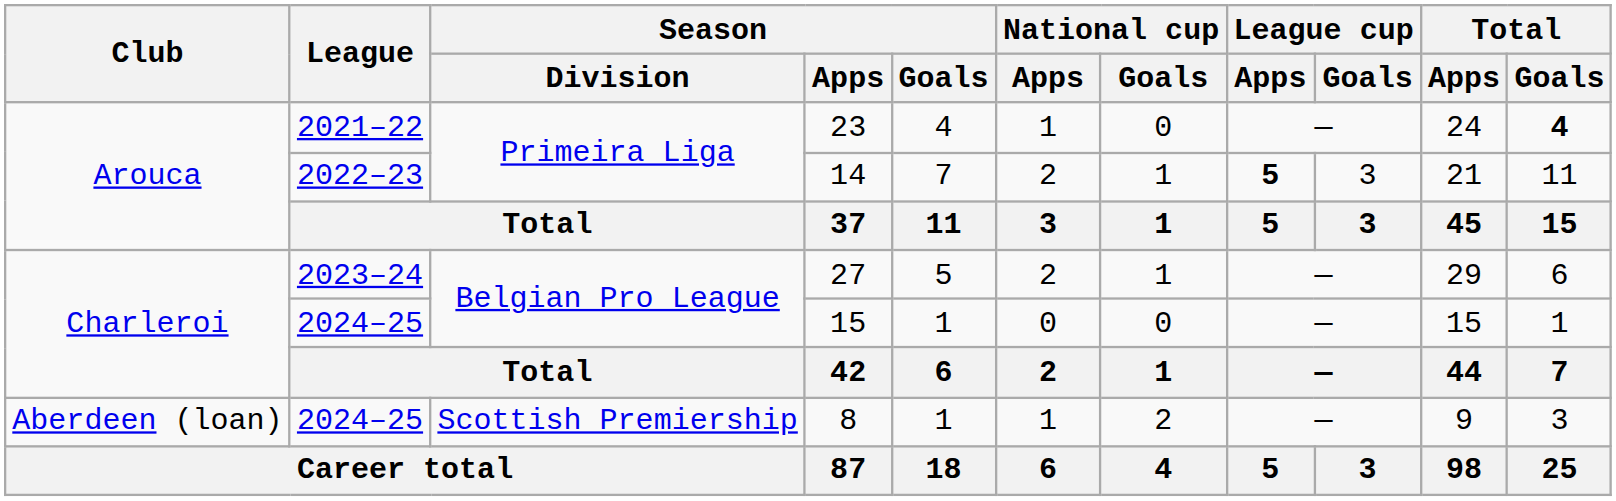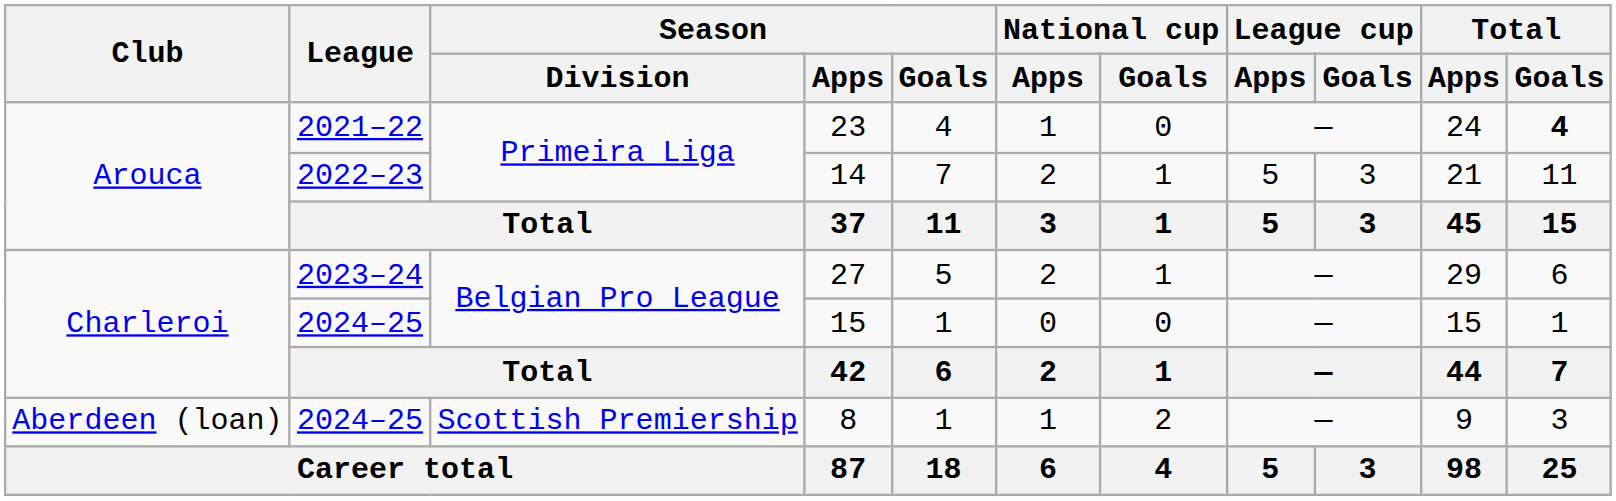 <table class="wikitable" style="text-align:center">
 <tr>
 <th rowspan="2">Club</th>
 <th rowspan="2">League</th>
 <th colspan="3">Season</th>
 <th colspan="2">National cup</th>
 <th colspan="2">League cup</th>
 <th colspan="2">Total</th>
 </tr>
 <tr>
 <th>Division</th>
 <th>Apps</th>
 <th>Goals</th>
 <th>Apps</th>
 <th>Goals</th>
 <th>Apps</th>
 <th>Goals</th>
 <th>Apps</th>
 <th>Goals</th>
 </tr>
 <tr>
 <td rowspan="3"><a href='#'>Arouca</a></td>
 <td><a href='#'>2021–22</a></td>
 <td rowspan="2"><a href='#'>Primeira Liga</a></td>
 <td>23</td>
 <td>4</td>
 <td>1</td>
 <td>0</td>
 <td colspan=2>—</td>
 <td>24</td>
 <td><strong>4</strong></td>
 </tr>
 <tr>
 <td><a href='#'>2022–23</a></td>
 <td>14</td>
 <td>7</td>
 <td>2</td>
 <td>1</td>
-<td><strong>5</strong></td>
+<td>5</td>
 <td>3</td>
 <td>21</td>
 <td>11</td>
 </tr>
 <tr>
 <th colspan="2">Total</th>
 <th>37</th>
 <th>11</th>
 <th>3</th>
 <th>1</th>
 <th>5</th>
 <th>3</th>
 <th>45</th>
 <th>15</th>
 </tr>
 <tr>
 <td rowspan="3"><a href='#'>Charleroi</a></td>
 <td><a href='#'>2023–24</a></td>
 <td rowspan="2"><a href='#'>Belgian Pro League</a></td>
 <td>27</td>
 <td>5</td>
 <td>2</td>
 <td>1</td>
 <td colspan=2>—</td>
 <td>29</td>
 <td>6</td>
 </tr>
 <tr>
 <td><a href='#'>2024–25</a></td>
 <td>15</td>
 <td>1</td>
 <td>0</td>
 <td>0</td>
 <td colspan=2>—</td>
 <td>15</td>
 <td>1</td>
 </tr>
 <tr>
 <th colspan="2">Total</th>
 <th>42</th>
 <th>6</th>
 <th>2</th>
 <th>1</th>
 <th colspan=2>—</th>
 <th>44</th>
 <th>7</th>
 </tr>
 <tr>
 <td><a href='#'>Aberdeen</a> (loan)</td>
 <td><a href='#'>2024–25</a></td>
 <td><a href='#'>Scottish Premiership</a></td>
 <td>8</td>
 <td>1</td>
 <td>1</td>
 <td>2</td>
 <td colspan=2>—</td>
 <td>9</td>
 <td>3</td>
 </tr>
 <tr>
 <th colspan="3">Career total</th>
 <th>87</th>
 <th>18</th>
 <th>6</th>
 <th>4</th>
 <th>5</th>
 <th>3</th>
 <th>98</th>
 <th>25</th>
 </tr>
 </table>
